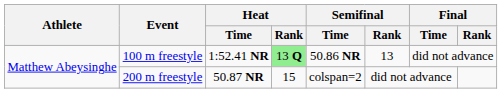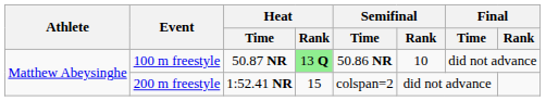 <table class=wikitable style="font-size:90%">
 <tr>
 <th rowspan=2>Athlete</th>
 <th rowspan=2>Event</th>
 <th colspan="2">Heat</th>
 <th colspan="2">Semifinal</th>
 <th colspan="2">Final</th>
 </tr>
 <tr style="font-size:95%">
 <th>Time</th>
 <th>Rank</th>
 <th>Time</th>
 <th>Rank</th>
 <th>Time</th>
 <th>Rank</th>
 </tr>
 <tr align=center>
 <td align=left rowspan=2><a href='#'>Matthew Abeysinghe</a></td>
 <td align=left><a href='#'>100 m freestyle</a></td>
-<td>1:52.41 <strong>NR</strong></td>
+<td>50.87 <strong>NR</strong></td>
 <td style="background: lightgreen;">13 <strong>Q</strong></td>
 <td>50.86 <strong>NR</strong></td>
-<td>13</td>
+<td>10</td>
 <td colspan=2>did not advance</td>
 </tr>
 <tr align=center>
 <td align=left><a href='#'>200 m freestyle</a></td>
-<td>50.87 <strong>NR</strong></td>
+<td>1:52.41 <strong>NR</strong></td>
 <td>15</td>
 <td>colspan=2 </td>
 <td colspan=2>did not advance</td>
 </tr>
 </table>
